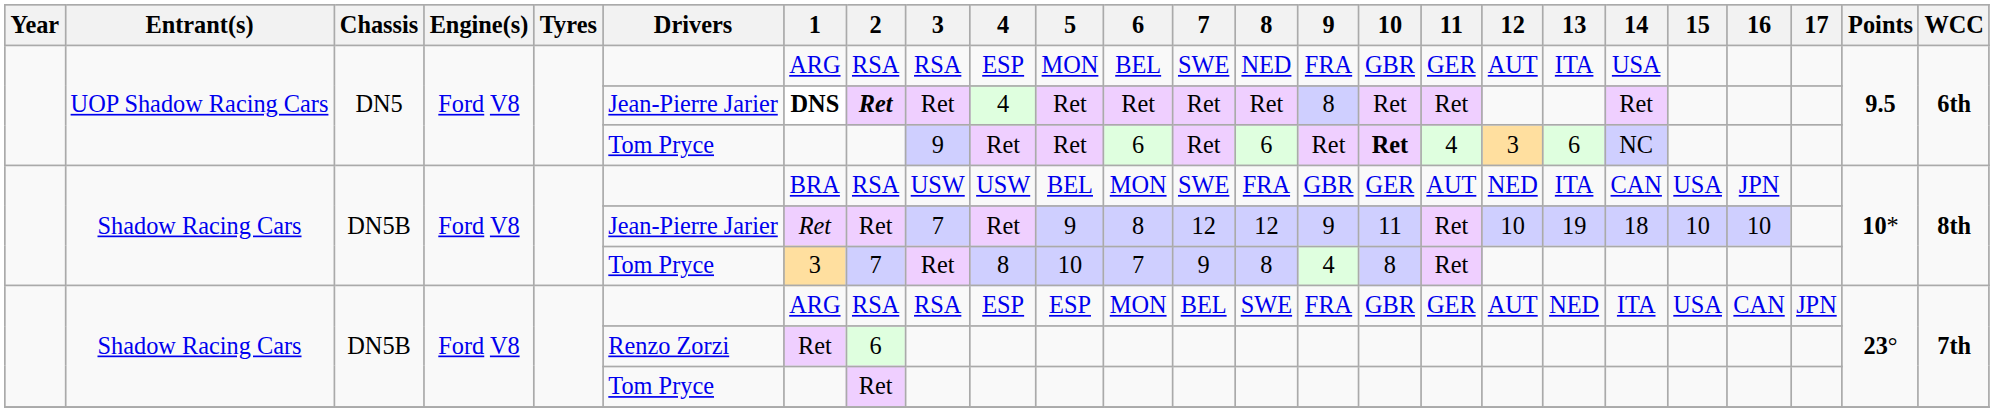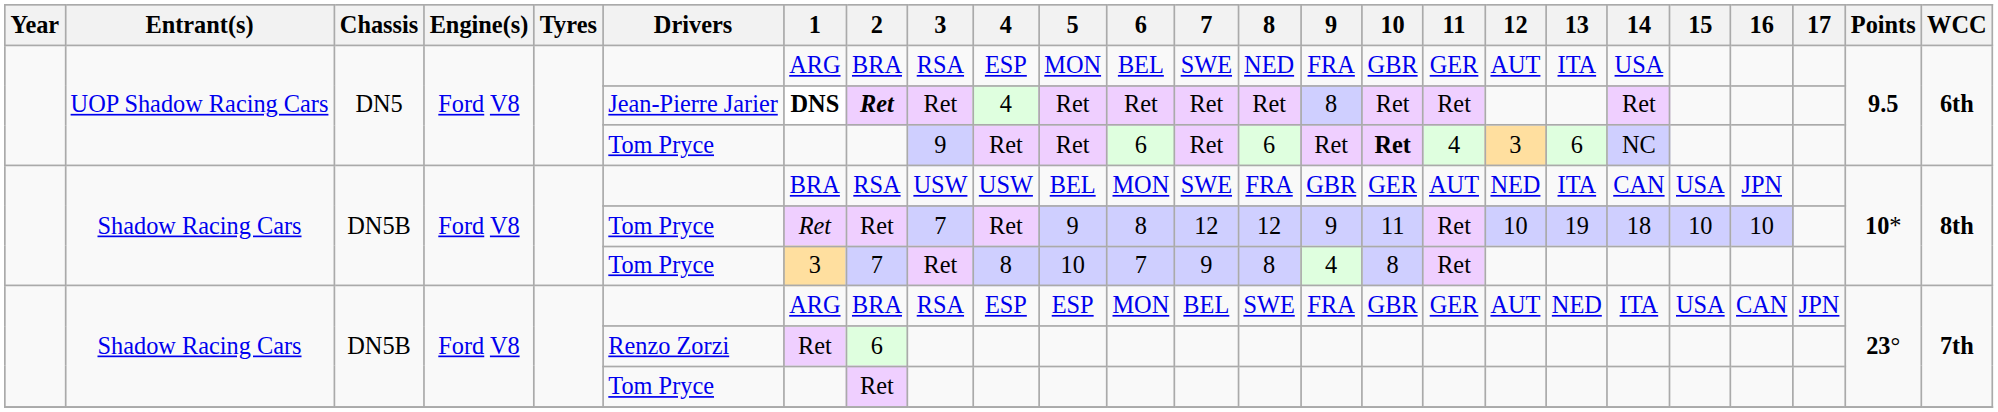 <table class="wikitable" style="text-align:center; font-size:90%">
 <tr>
 <th>Year</th>
 <th>Entrant(s)</th>
 <th>Chassis</th>
 <th>Engine(s)</th>
 <th>Tyres</th>
 <th>Drivers</th>
 <th>1</th>
 <th>2</th>
 <th>3</th>
 <th>4</th>
 <th>5</th>
 <th>6</th>
 <th>7</th>
 <th>8</th>
 <th>9</th>
 <th>10</th>
 <th>11</th>
 <th>12</th>
 <th>13</th>
 <th>14</th>
 <th>15</th>
 <th>16</th>
 <th>17</th>
 <th>Points</th>
 <th>WCC</th>
 </tr>
 <tr>
 <td rowspan="3"></td>
 <td rowspan="3"><a href='#'>UOP Shadow Racing Cars</a></td>
 <td rowspan="3">DN5</td>
 <td rowspan="3"><a href='#'>Ford</a> <a href='#'>V8</a></td>
 <td rowspan="3"></td>
 <td></td>
 <td><a href='#'>ARG</a></td>
-<td><a href='#'>RSA</a></td>
+<td><a href='#'>BRA</a></td>
 <td><a href='#'>RSA</a></td>
 <td><a href='#'>ESP</a></td>
 <td><a href='#'>MON</a></td>
 <td><a href='#'>BEL</a></td>
 <td><a href='#'>SWE</a></td>
 <td><a href='#'>NED</a></td>
 <td><a href='#'>FRA</a></td>
 <td><a href='#'>GBR</a></td>
 <td><a href='#'>GER</a></td>
 <td><a href='#'>AUT</a></td>
 <td><a href='#'>ITA</a></td>
 <td><a href='#'>USA</a></td>
 <td></td>
 <td></td>
 <td></td>
 <td rowspan="3"><strong>9.5</strong></td>
 <td rowspan="3"><strong>6th</strong></td>
 </tr>
 <tr>
 <td align="left"><a href='#'>Jean-Pierre Jarier</a></td>
 <td style="background:#FFFFFF;"><strong>DNS</strong></td>
 <td style="background:#EFCFFF;"><strong><em>Ret</em></strong></td>
 <td style="background:#EFCFFF;">Ret</td>
 <td style="background:#DFFFDF;">4</td>
 <td style="background:#EFCFFF;">Ret</td>
 <td style="background:#EFCFFF;">Ret</td>
 <td style="background:#EFCFFF;">Ret</td>
 <td style="background:#EFCFFF;">Ret</td>
 <td style="background:#CFCFFF;">8</td>
 <td style="background:#EFCFFF;">Ret</td>
 <td style="background:#EFCFFF;">Ret</td>
 <td></td>
 <td></td>
 <td style="background:#EFCFFF;">Ret</td>
 <td></td>
 <td></td>
 <td></td>
 </tr>
 <tr>
 <td align="left"><a href='#'>Tom Pryce</a></td>
 <td></td>
 <td></td>
 <td style="background:#CFCFFF;">9</td>
 <td style="background:#EFCFFF;">Ret</td>
 <td style="background:#EFCFFF;">Ret</td>
 <td style="background:#DFFFDF;">6</td>
 <td style="background:#EFCFFF;">Ret</td>
 <td style="background:#DFFFDF;">6</td>
 <td style="background:#EFCFFF;">Ret</td>
 <td style="background:#EFCFFF;"><strong>Ret</strong></td>
 <td style="background:#DFFFDF;">4</td>
 <td style="background:#FFDF9F;">3</td>
 <td style="background:#DFFFDF;">6</td>
 <td style="background:#CFCFFF;">NC</td>
 <td></td>
 <td></td>
 <td></td>
 </tr>
 <tr>
 <td rowspan="3"></td>
 <td rowspan="3"><a href='#'>Shadow Racing Cars</a></td>
 <td rowspan="3">DN5B</td>
 <td rowspan="3"><a href='#'>Ford</a> <a href='#'>V8</a></td>
 <td rowspan="3"></td>
 <td></td>
 <td><a href='#'>BRA</a></td>
 <td><a href='#'>RSA</a></td>
 <td><a href='#'>USW</a></td>
 <td><a href='#'>USW</a></td>
 <td><a href='#'>BEL</a></td>
 <td><a href='#'>MON</a></td>
 <td><a href='#'>SWE</a></td>
 <td><a href='#'>FRA</a></td>
 <td><a href='#'>GBR</a></td>
 <td><a href='#'>GER</a></td>
 <td><a href='#'>AUT</a></td>
 <td><a href='#'>NED</a></td>
 <td><a href='#'>ITA</a></td>
 <td><a href='#'>CAN</a></td>
 <td><a href='#'>USA</a></td>
 <td><a href='#'>JPN</a></td>
 <td></td>
 <td rowspan="3"><strong>10</strong>*</td>
 <td rowspan="3"><strong>8th</strong></td>
 </tr>
 <tr>
-<td align="left"><a href='#'>Jean-Pierre Jarier</a></td>
+<td align="left"><a href='#'>Tom Pryce</a></td>
 <td style="background:#efcfff;"><em>Ret</em></td>
 <td style="background:#efcfff;">Ret</td>
 <td style="background:#cfcfff;">7</td>
 <td style="background:#efcfff;">Ret</td>
 <td style="background:#cfcfff;">9</td>
 <td style="background:#cfcfff;">8</td>
 <td style="background:#cfcfff;">12</td>
 <td style="background:#cfcfff;">12</td>
 <td style="background:#cfcfff;">9</td>
 <td style="background:#cfcfff;">11</td>
 <td style="background:#efcfff;">Ret</td>
 <td style="background:#cfcfff;">10</td>
 <td style="background:#cfcfff;">19</td>
 <td style="background:#cfcfff;">18</td>
 <td style="background:#cfcfff;">10</td>
 <td style="background:#cfcfff;">10</td>
 <td></td>
 </tr>
 <tr>
 <td align="left"><a href='#'>Tom Pryce</a></td>
 <td style="background:#FFDF9F;">3</td>
 <td style="background:#cfcfff;">7</td>
 <td style="background:#efcfff;">Ret</td>
 <td style="background:#cfcfff;">8</td>
 <td style="background:#cfcfff;">10</td>
 <td style="background:#cfcfff;">7</td>
 <td style="background:#cfcfff;">9</td>
 <td style="background:#cfcfff;">8</td>
 <td style="background:#dfffdf;">4</td>
 <td style="background:#cfcfff;">8</td>
 <td style="background:#efcfff;">Ret</td>
 <td></td>
 <td></td>
 <td></td>
 <td></td>
 <td></td>
 <td></td>
 </tr>
 <tr>
 <td rowspan="3"></td>
 <td rowspan="3"><a href='#'>Shadow Racing Cars</a></td>
 <td rowspan="3">DN5B</td>
 <td rowspan="3"><a href='#'>Ford</a> <a href='#'>V8</a></td>
 <td rowspan="3"></td>
 <td></td>
 <td><a href='#'>ARG</a></td>
-<td><a href='#'>RSA</a></td>
+<td><a href='#'>BRA</a></td>
 <td><a href='#'>RSA</a></td>
 <td><a href='#'>ESP</a></td>
 <td><a href='#'>ESP</a></td>
 <td><a href='#'>MON</a></td>
 <td><a href='#'>BEL</a></td>
 <td><a href='#'>SWE</a></td>
 <td><a href='#'>FRA</a></td>
 <td><a href='#'>GBR</a></td>
 <td><a href='#'>GER</a></td>
 <td><a href='#'>AUT</a></td>
 <td><a href='#'>NED</a></td>
 <td><a href='#'>ITA</a></td>
 <td><a href='#'>USA</a></td>
 <td><a href='#'>CAN</a></td>
 <td><a href='#'>JPN</a></td>
 <td rowspan="3"><strong>23</strong>°</td>
 <td rowspan="3"><strong>7th</strong></td>
 </tr>
 <tr>
 <td align="left"><a href='#'>Renzo Zorzi</a></td>
 <td style="background:#efcfff;">Ret</td>
 <td style="background:#dfffdf;">6</td>
 <td></td>
 <td></td>
 <td></td>
 <td></td>
 <td></td>
 <td></td>
 <td></td>
 <td></td>
 <td></td>
 <td></td>
 <td></td>
 <td></td>
 <td></td>
 <td></td>
 <td></td>
 </tr>
 <tr>
 <td align="left"><a href='#'>Tom Pryce</a></td>
 <td></td>
 <td style="background:#efcfff;">Ret</td>
 <td></td>
 <td></td>
 <td></td>
 <td></td>
 <td></td>
 <td></td>
 <td></td>
 <td></td>
 <td></td>
 <td></td>
 <td></td>
 <td></td>
 <td></td>
 <td></td>
 <td></td>
 </tr>
 <tr>
 </tr>
 </table>
